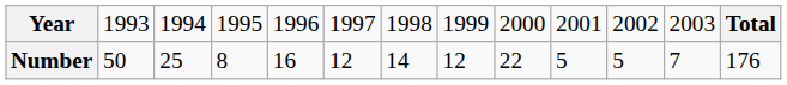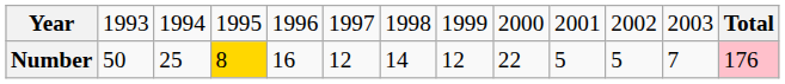 <table class="wikitable" style="margin:1em auto;">
 <tr>
 <th>Year</th>
 <td>1993</td>
 <td>1994</td>
 <td>1995</td>
 <td>1996</td>
 <td>1997</td>
 <td>1998</td>
 <td>1999</td>
 <td>2000</td>
 <td>2001</td>
 <td>2002</td>
 <td>2003</td>
 <th>Total</th>
 </tr>
 <tr>
 <th>Number</th>
 <td>50</td>
 <td>25</td>
-<td>8</td>
+<td style="background: gold;">8</td>
 <td>16</td>
 <td>12</td>
 <td>14</td>
 <td>12</td>
 <td>22</td>
 <td>5</td>
 <td>5</td>
 <td>7</td>
-<td>176</td>
+<td style="background: pink;">176</td>
 </tr>
 </table>
